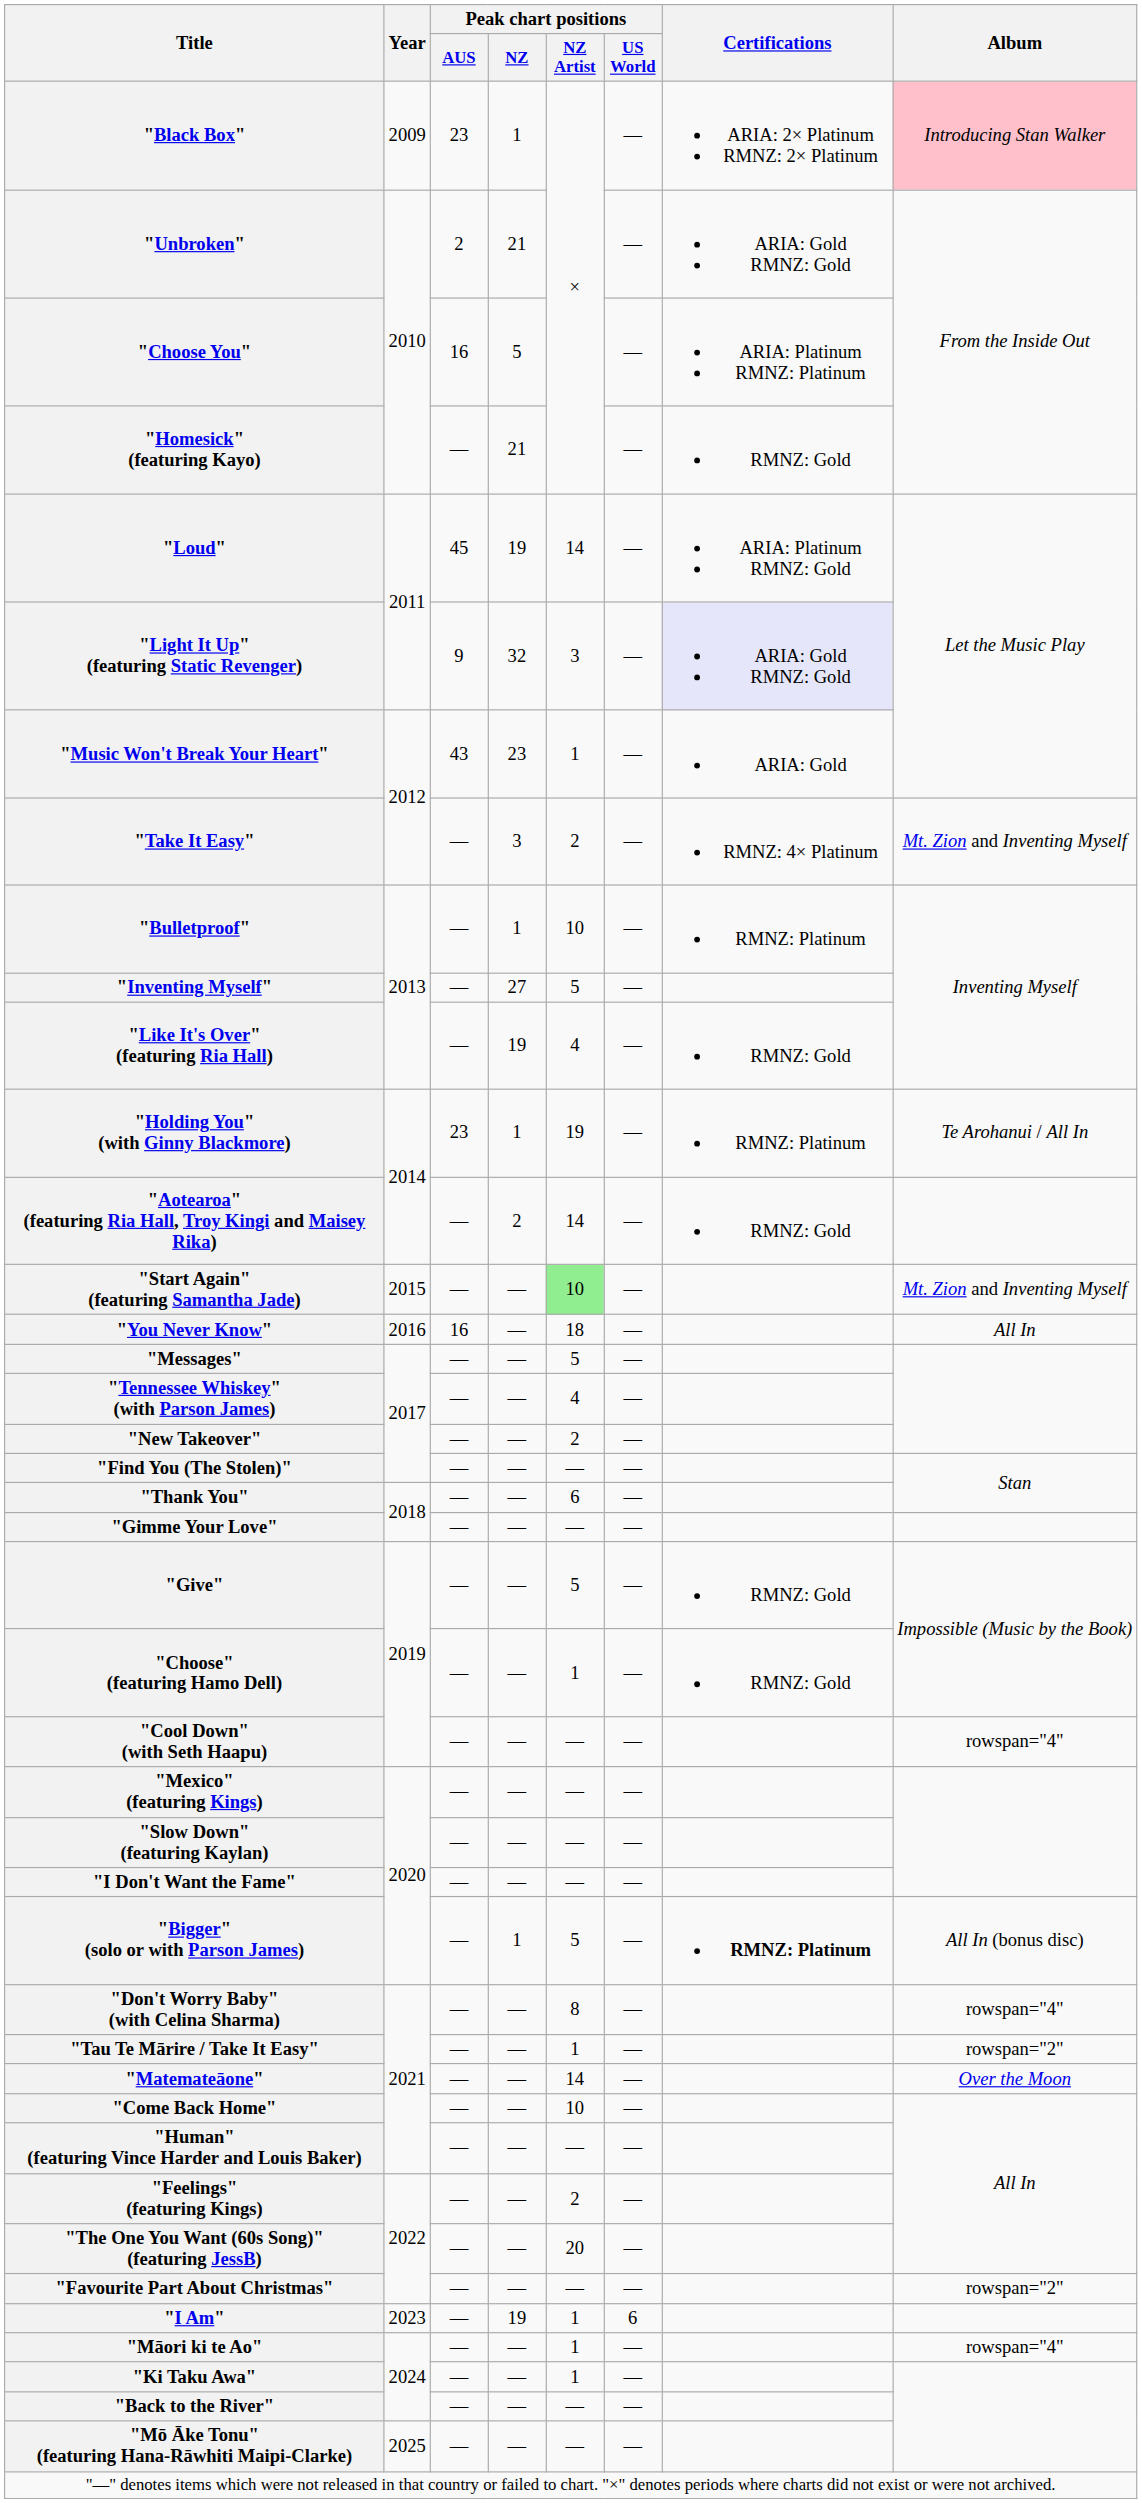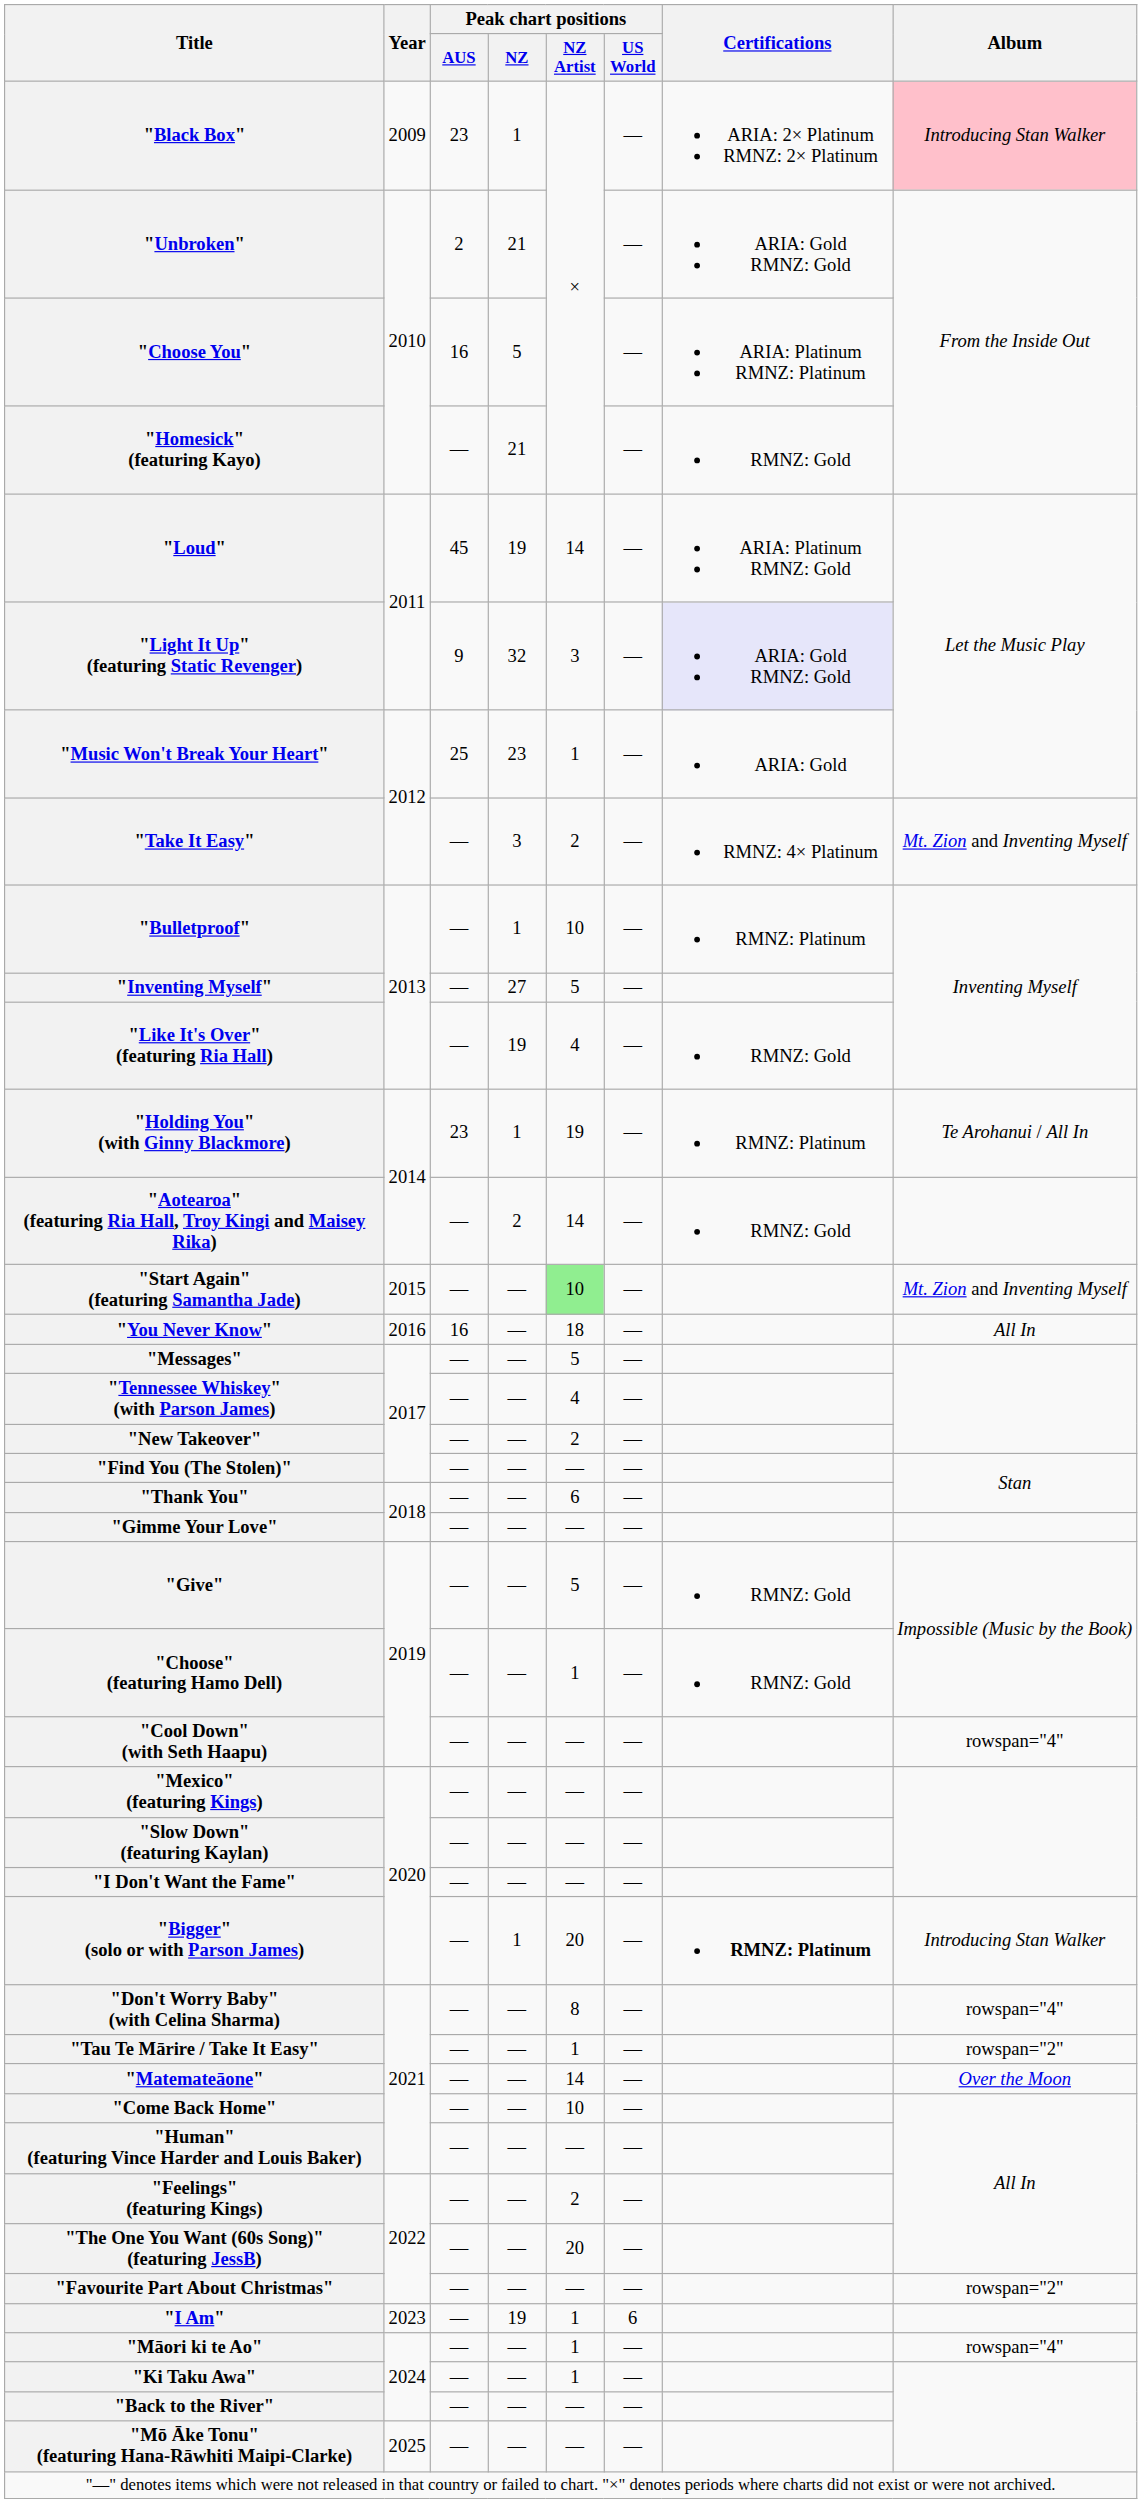 <table class="wikitable plainrowheaders" style="text-align:center;">
 <tr>
 <th scope="col" rowspan="2" style="width:20em;">Title</th>
 <th scope="col" rowspan="2">Year</th>
 <th scope="col" colspan="4">Peak chart positions</th>
 <th scope="col" rowspan="2" style="width:12em;"><a href='#'>Certifications</a></th>
 <th scope="col" rowspan="2">Album</th>
 </tr>
 <tr>
 <th scope="col" style="width:3em;font-size:90%;"><a href='#'>AUS</a><br></th>
 <th scope="col" style="width:3em;font-size:90%;"><a href='#'>NZ</a><br></th>
 <th scope="col" style="width:3em;font-size:90%;"><a href='#'>NZ<br>Artist</a><br></th>
 <th scope="col" style="width:3em;font-size:90%;"><a href='#'>US<br>World</a><br></th>
 </tr>
 <tr>
 <th scope="row">"<a href='#'>Black Box</a>"</th>
 <td>2009</td>
 <td>23</td>
 <td>1</td>
 <td rowspan="4">×</td>
 <td>—</td>
 <td><br><ul><li>ARIA: 2× Platinum</li><li>RMNZ: 2× Platinum</li></ul></td>
 <td style="background: pink;"><em>Introducing Stan Walker</em></td>
 </tr>
 <tr>
 <th scope="row">"<a href='#'>Unbroken</a>"</th>
 <td rowspan="3">2010</td>
 <td>2</td>
 <td>21</td>
 <td>—</td>
 <td><br><ul><li>ARIA: Gold</li><li>RMNZ: Gold</li></ul></td>
 <td rowspan="3"><em>From the Inside Out</em></td>
 </tr>
 <tr>
 <th scope="row">"<a href='#'>Choose You</a>"</th>
 <td>16</td>
 <td>5</td>
 <td>—</td>
 <td><br><ul><li>ARIA: Platinum</li><li>RMNZ: Platinum</li></ul></td>
 </tr>
 <tr>
 <th scope="row">"<a href='#'>Homesick</a>"<br><span>(featuring Kayo)</span></th>
 <td>—</td>
 <td>21</td>
 <td>—</td>
 <td><br><ul><li>RMNZ: Gold</li></ul></td>
 </tr>
 <tr>
 <th scope="row">"<a href='#'>Loud</a>"</th>
 <td rowspan="2">2011</td>
 <td>45</td>
 <td>19</td>
 <td>14</td>
 <td>—</td>
 <td><br><ul><li>ARIA: Platinum</li><li>RMNZ: Gold</li></ul></td>
 <td rowspan="3"><em>Let the Music Play</em></td>
 </tr>
 <tr>
 <th scope="row">"<a href='#'>Light It Up</a>"<br><span>(featuring <a href='#'>Static Revenger</a>)</span></th>
 <td>9</td>
 <td>32</td>
 <td>3</td>
 <td>—</td>
 <td style="background: lavender;"><br><ul><li>ARIA: Gold</li><li>RMNZ: Gold</li></ul></td>
 </tr>
 <tr>
 <th scope="row">"<a href='#'>Music Won't Break Your Heart</a>"</th>
 <td rowspan="2">2012</td>
-<td>43</td>
+<td>25</td>
 <td>23</td>
 <td>1</td>
 <td>—</td>
 <td><br><ul><li>ARIA: Gold</li></ul></td>
 </tr>
 <tr>
 <th scope="row">"<a href='#'>Take It Easy</a>"</th>
 <td>—</td>
 <td>3</td>
 <td>2</td>
 <td>—</td>
 <td><br><ul><li>RMNZ: 4× Platinum</li></ul></td>
 <td><em><a href='#'>Mt. Zion</a></em> and <em>Inventing Myself</em></td>
 </tr>
 <tr>
 <th scope="row">"<a href='#'>Bulletproof</a>"</th>
 <td rowspan="3">2013</td>
 <td>—</td>
 <td>1</td>
 <td>10</td>
 <td>—</td>
 <td><br><ul><li>RMNZ: Platinum</li></ul></td>
 <td rowspan="3"><em>Inventing Myself</em></td>
 </tr>
 <tr>
 <th scope="row">"<a href='#'>Inventing Myself</a>"</th>
 <td>—</td>
 <td>27</td>
 <td>5</td>
 <td>—</td>
 <td></td>
 </tr>
 <tr>
 <th scope="row">"<a href='#'>Like It's Over</a>"<br><span>(featuring <a href='#'>Ria Hall</a>)</span></th>
 <td>—</td>
 <td>19</td>
 <td>4</td>
 <td>—</td>
 <td><br><ul><li>RMNZ: Gold</li></ul></td>
 </tr>
 <tr>
 <th scope="row">"<a href='#'>Holding You</a>"<br><span>(with <a href='#'>Ginny Blackmore</a>)</span></th>
 <td rowspan="2">2014</td>
 <td>23</td>
 <td>1</td>
 <td>19</td>
 <td>—</td>
 <td><br><ul><li>RMNZ: Platinum</li></ul></td>
 <td><em>Te Arohanui</em> / <em>All In</em></td>
 </tr>
 <tr>
 <th scope="row">"<a href='#'>Aotearoa</a>"<br><span>(featuring <a href='#'>Ria Hall</a>, <a href='#'>Troy Kingi</a> and <a href='#'>Maisey Rika</a>)</span></th>
 <td>—</td>
 <td>2</td>
 <td>14</td>
 <td>—</td>
 <td><br><ul><li>RMNZ: Gold</li></ul></td>
 <td></td>
 </tr>
 <tr>
 <th scope="row">"Start Again"<br><span>(featuring <a href='#'>Samantha Jade</a>)</span></th>
 <td>2015</td>
 <td>—</td>
 <td>—</td>
 <td style="background: lightgreen;">10</td>
 <td>—</td>
 <td></td>
 <td><em><a href='#'>Mt. Zion</a></em> and <em>Inventing Myself</em></td>
 </tr>
 <tr>
 <th scope="row">"<a href='#'>You Never Know</a>"</th>
 <td>2016</td>
 <td>16</td>
 <td>—</td>
 <td>18</td>
 <td>—</td>
 <td></td>
 <td><em>All In</em></td>
 </tr>
 <tr>
 <th scope="row">"Messages"</th>
 <td rowspan="4">2017</td>
 <td>—</td>
 <td>—</td>
 <td>5</td>
 <td>—</td>
 <td></td>
 </tr>
 <tr>
 <th scope="row">"<a href='#'>Tennessee Whiskey</a>"<br><span>(with <a href='#'>Parson James</a>)</span></th>
 <td>—</td>
 <td>—</td>
 <td>4</td>
 <td>—</td>
 <td></td>
 </tr>
 <tr>
 <th scope="row">"New Takeover"</th>
 <td>—</td>
 <td>—</td>
 <td>2</td>
 <td>—</td>
 <td></td>
 </tr>
 <tr>
 <th scope="row">"Find You (The Stolen)"</th>
 <td>—</td>
 <td>—</td>
 <td>—</td>
 <td>—</td>
 <td></td>
 <td rowspan="2"><em>Stan</em></td>
 </tr>
 <tr>
 <th scope="row">"Thank You"</th>
 <td rowspan="2">2018</td>
 <td>—</td>
 <td>—</td>
 <td>6</td>
 <td>—</td>
 <td></td>
 </tr>
 <tr>
 <th scope="row">"Gimme Your Love"</th>
 <td>—</td>
 <td>—</td>
 <td>—</td>
 <td>—</td>
 <td></td>
 <td></td>
 </tr>
 <tr>
 <th scope="row">"Give"</th>
 <td rowspan="3">2019</td>
 <td>—</td>
 <td>—</td>
 <td>5</td>
 <td>—</td>
 <td><br><ul><li>RMNZ: Gold</li></ul></td>
 <td rowspan="2"><em>Impossible (Music by the Book)</em></td>
 </tr>
 <tr>
 <th scope="row">"Choose"<br><span>(featuring Hamo Dell)</span></th>
 <td>—</td>
 <td>—</td>
 <td>1</td>
 <td>—</td>
 <td><br><ul><li>RMNZ: Gold</li></ul></td>
 </tr>
 <tr>
 <th scope="row">"Cool Down"<br><span>(with Seth Haapu)</span></th>
 <td>—</td>
 <td>—</td>
 <td>—</td>
 <td>—</td>
 <td></td>
 <td>rowspan="4" </td>
 </tr>
 <tr>
 <th scope="row">"Mexico"<br><span>(featuring <a href='#'>Kings</a>)</span></th>
 <td rowspan="4">2020</td>
 <td>—</td>
 <td>—</td>
 <td>—</td>
 <td>—</td>
 <td></td>
 </tr>
 <tr>
 <th scope="row">"Slow Down"<br><span>(featuring Kaylan)</span></th>
 <td>—</td>
 <td>—</td>
 <td>—</td>
 <td>—</td>
 <td></td>
 </tr>
 <tr>
 <th scope="row">"I Don't Want the Fame"</th>
 <td>—</td>
 <td>—</td>
 <td>—</td>
 <td>—</td>
 <td></td>
 </tr>
 <tr>
 <th scope="row">"<a href='#'>Bigger</a>"<br><span>(solo or with <a href='#'>Parson James</a>)</span></th>
 <td>—</td>
 <td>1</td>
-<td>5</td>
+<td>20</td>
 <td>—</td>
 <td><strong><br><ul><li>RMNZ: Platinum</li></ul></strong></td>
-<td><em>All In</em> (bonus disc)</td>
+<td><em>Introducing Stan Walker</em></td>
 </tr>
 <tr>
 <th scope="row">"Don't Worry Baby"<br><span>(with Celina Sharma)</span></th>
 <td rowspan="5">2021</td>
 <td>—</td>
 <td>—</td>
 <td>8</td>
 <td>—</td>
 <td></td>
 <td>rowspan="4" </td>
 </tr>
 <tr>
 <th scope="row">"Tau Te Mārire / Take It Easy"<br></th>
 <td>—</td>
 <td>—</td>
 <td>1</td>
 <td>—</td>
 <td></td>
 <td>rowspan="2" </td>
 </tr>
 <tr>
 <th scope="row">"<a href='#'>Matemateāone</a>"</th>
 <td>—</td>
 <td>—</td>
 <td>14</td>
 <td>—</td>
 <td></td>
 <td><em><a href='#'>Over the Moon</a></em></td>
 </tr>
 <tr>
 <th scope="row">"Come Back Home"</th>
 <td>—</td>
 <td>—</td>
 <td>10</td>
 <td>—</td>
 <td></td>
 <td rowspan="4"><em>All In</em></td>
 </tr>
 <tr>
 <th scope="row">"Human"<br><span>(featuring Vince Harder and Louis Baker)</span></th>
 <td>—</td>
 <td>—</td>
 <td>—</td>
 <td>—</td>
 <td></td>
 </tr>
 <tr>
 <th scope="row">"Feelings"<br><span>(featuring Kings)</span></th>
 <td rowspan="3">2022</td>
 <td>—</td>
 <td>—</td>
 <td>2</td>
 <td>—</td>
 <td></td>
 </tr>
 <tr>
 <th scope="row">"The One You Want (60s Song)"<br><span>(featuring <a href='#'>JessB</a>)</span></th>
 <td>—</td>
 <td>—</td>
 <td>20</td>
 <td>—</td>
 <td></td>
 </tr>
 <tr>
 <th scope="row">"Favourite Part About Christmas"</th>
 <td>—</td>
 <td>—</td>
 <td>—</td>
 <td>—</td>
 <td></td>
 <td>rowspan="2" </td>
 </tr>
 <tr>
 <th scope="row">"<a href='#'>I Am</a>"</th>
 <td>2023</td>
 <td>—</td>
 <td>19</td>
 <td>1</td>
 <td>6</td>
 <td></td>
 </tr>
 <tr>
 <th scope="row">"Māori ki te Ao"</th>
 <td rowspan="3">2024</td>
 <td>—</td>
 <td>—</td>
 <td>1</td>
 <td>—</td>
 <td></td>
 <td>rowspan="4" </td>
 </tr>
 <tr>
 <th scope="row">"Ki Taku Awa"</th>
 <td>—</td>
 <td>—</td>
 <td>1</td>
 <td>—</td>
 <td></td>
 </tr>
 <tr>
 <th scope="row">"Back to the River"</th>
 <td>—</td>
 <td>—</td>
 <td>—</td>
 <td>—</td>
 <td></td>
 </tr>
 <tr>
 <th scope="row">"Mō Āke Tonu"<br><span>(featuring Hana-Rāwhiti Maipi-Clarke)</span></th>
 <td>2025</td>
 <td>—</td>
 <td>—</td>
 <td>—</td>
 <td>—</td>
 <td></td>
 </tr>
 <tr>
 <td colspan="15" style="font-size:90%">"—" denotes items which were not released in that country or failed to chart. "×" denotes periods where charts did not exist or were not archived.</td>
 </tr>
 </table>
